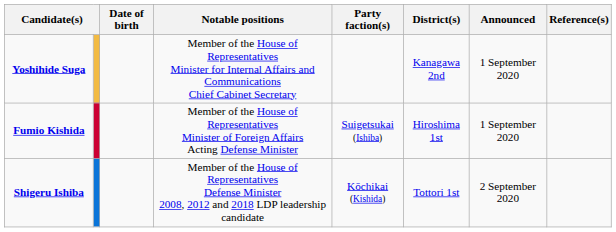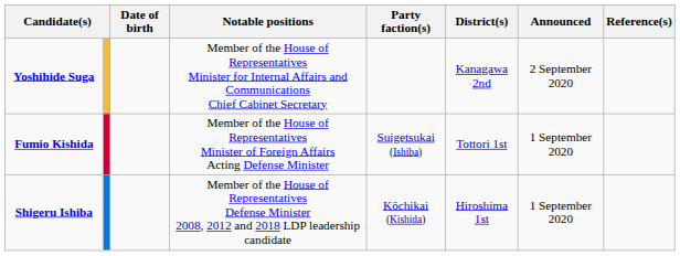 <table class="wikitable sortable" style="text-align:center">
 <tr>
 <th colspan="2" style="width:150px;">Candidate(s)</th>
 <th>Date of birth</th>
 <th class="unsortable">Notable positions</th>
 <th>Party faction(s)</th>
 <th>District(s)</th>
 <th>Announced</th>
 <th class="unsortable">Reference(s)</th>
 </tr>
 <tr>
 <td> <strong><a href='#'>Yoshihide Suga</a></strong></td>
 <td style="background:#F2BA42"></td>
 <td><br></td>
 <td>Member of the <a href='#'>House of Representatives</a> <br><a href='#'>Minister for Internal Affairs and Communications</a> <br><a href='#'>Chief Cabinet Secretary</a> </td>
 <td></td>
 <td> <a href='#'>Kanagawa 2nd</a></td>
-<td>1 September 2020</td>
+<td>2 September 2020</td>
 <td></td>
 </tr>
 <tr>
 <td> <strong><a href='#'>Fumio Kishida</a></strong></td>
 <td style="background:#CC0033"></td>
 <td><br></td>
 <td>Member of the <a href='#'>House of Representatives</a> <br><a href='#'>Minister of Foreign Affairs</a> <br>Acting <a href='#'>Defense Minister</a> </td>
 <td><a href='#'>Suigetsukai</a><br><small> (<a href='#'>Ishiba</a>) </small></td>
-<td> <a href='#'>Hiroshima 1st</a></td>
+<td> <a href='#'>Tottori 1st</a></td>
 <td>1 September 2020</td>
 <td></td>
 </tr>
 <tr>
 <td> <strong><a href='#'>Shigeru Ishiba</a></strong></td>
 <td style="background:#0b75d9"></td>
 <td><br></td>
 <td>Member of the <a href='#'>House of Representatives</a> <br><a href='#'>Defense Minister</a> <br><a href='#'>2008</a>, <a href='#'>2012</a> and <a href='#'>2018</a> LDP leadership candidate</td>
 <td><a href='#'>Kōchikai</a><br><small>(<a href='#'>Kishida</a>)</small></td>
-<td> <a href='#'>Tottori 1st</a></td>
-<td>2 September 2020</td>
+<td> <a href='#'>Hiroshima 1st</a></td>
+<td>1 September 2020</td>
 <td></td>
 </tr>
 </table>
